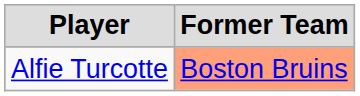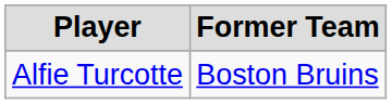 <table class="wikitable">
 <tr align="center"  bgcolor="#dddddd">
 <td><strong>Player</strong></td>
 <td><strong>Former Team</strong></td>
 </tr>
 <tr>
 <td><a href='#'>Alfie Turcotte</a></td>
-<td style="background: lightsalmon;"><a href='#'>Boston Bruins</a></td>
+<td><a href='#'>Boston Bruins</a></td>
 </tr>
 </table>
